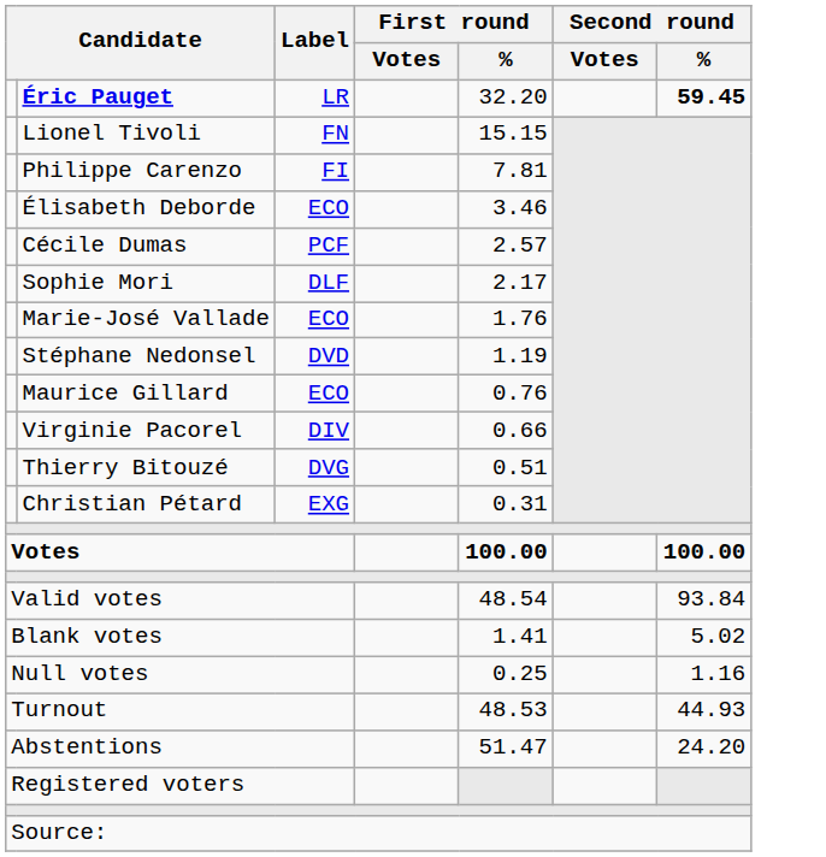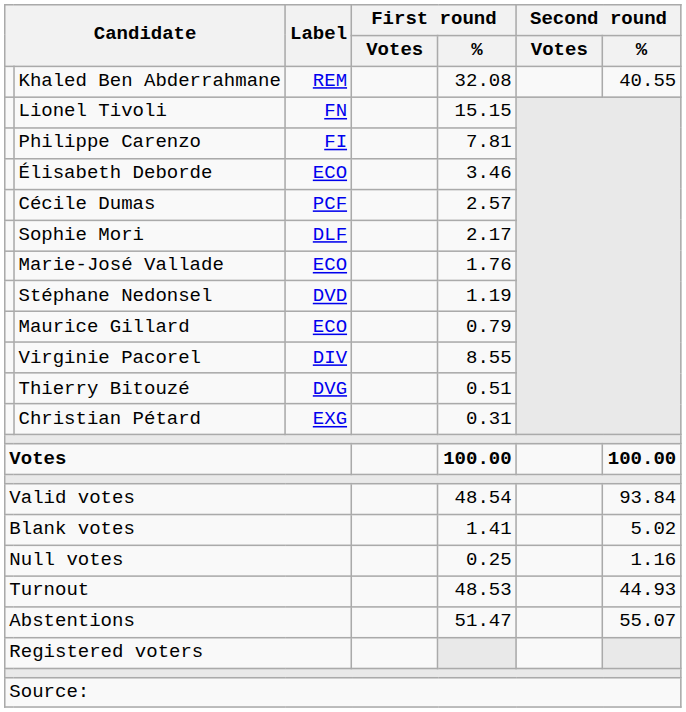 <table class="wikitable" style="text-align:right;font-size:95%;">
 <tr>
 <th colspan="2" rowspan="2">Candidate</th>
 <th rowspan="2">Label</th>
 <th colspan="2">First round</th>
 <th colspan="2">Second round</th>
 </tr>
 <tr>
 <th style="width:50px;">Votes</th>
 <th style="width:45px;">%</th>
 <th style="width:50px;">Votes</th>
 <th style="width:45px;">%</th>
 </tr>
 <tr>
 <td style="color:inherit;background:"></td>
-<td style="text-align:left;"><strong><a href='#'>Éric Pauget</a></strong></td>
-<td><a href='#'>LR</a></td>
+<td style="text-align:left;">Khaled Ben Abderrahmane</td>
+<td><a href='#'>REM</a></td>
 <td></td>
-<td>32.20</td>
-<td><strong></strong></td>
-<td><strong>59.45</strong></td>
+<td>32.08</td>
+<td></td>
+<td>40.55</td>
 </tr>
 <tr>
 <td style="color:inherit;background:"></td>
 <td style="text-align:left;">Lionel Tivoli</td>
 <td><a href='#'>FN</a></td>
 <td></td>
 <td>15.15</td>
 <td colspan="2" rowspan="11" style="background:#E9E9E9;"></td>
 </tr>
 <tr>
 <td style="color:inherit;background:"></td>
 <td style="text-align:left;">Philippe Carenzo</td>
 <td><a href='#'>FI</a></td>
 <td></td>
 <td>7.81</td>
 </tr>
 <tr>
 <td style="color:inherit;background:"></td>
 <td style="text-align:left;">Élisabeth Deborde</td>
 <td><a href='#'>ECO</a></td>
 <td></td>
 <td>3.46</td>
 </tr>
 <tr>
 <td style="color:inherit;background:"></td>
 <td style="text-align:left;">Cécile Dumas</td>
 <td><a href='#'>PCF</a></td>
 <td></td>
 <td>2.57</td>
 </tr>
 <tr>
 <td style="color:inherit;background:"></td>
 <td style="text-align:left;">Sophie Mori</td>
 <td><a href='#'>DLF</a></td>
 <td></td>
 <td>2.17</td>
 </tr>
 <tr>
 <td style="color:inherit;background:"></td>
 <td style="text-align:left;">Marie-José Vallade</td>
 <td><a href='#'>ECO</a></td>
 <td></td>
 <td>1.76</td>
 </tr>
 <tr>
 <td style="color:inherit;background:"></td>
 <td style="text-align:left;">Stéphane Nedonsel</td>
 <td><a href='#'>DVD</a></td>
 <td></td>
 <td>1.19</td>
 </tr>
 <tr>
 <td style="color:inherit;background:"></td>
 <td style="text-align:left;">Maurice Gillard</td>
 <td><a href='#'>ECO</a></td>
 <td></td>
-<td>0.76</td>
+<td>0.79</td>
 </tr>
 <tr>
 <td style="color:inherit;background:"></td>
 <td style="text-align:left;">Virginie Pacorel</td>
 <td><a href='#'>DIV</a></td>
 <td></td>
-<td>0.66</td>
+<td>8.55</td>
 </tr>
 <tr>
 <td style="color:inherit;background:"></td>
 <td style="text-align:left;">Thierry Bitouzé</td>
 <td><a href='#'>DVG</a></td>
 <td></td>
 <td>0.51</td>
 </tr>
 <tr>
 <td style="color:inherit;background:"></td>
 <td style="text-align:left;">Christian Pétard</td>
 <td><a href='#'>EXG</a></td>
 <td></td>
 <td>0.31</td>
 </tr>
 <tr>
 <td colspan="7" style="background:#E9E9E9;"></td>
 </tr>
 <tr style="font-weight:bold;">
 <td colspan="3" style="text-align:left;">Votes</td>
 <td></td>
 <td>100.00</td>
 <td></td>
 <td>100.00</td>
 </tr>
 <tr>
 <td colspan="7" style="background:#E9E9E9;"></td>
 </tr>
 <tr>
 <td colspan="3" style="text-align:left;">Valid votes</td>
 <td></td>
 <td>48.54</td>
 <td></td>
 <td>93.84</td>
 </tr>
 <tr>
 <td colspan="3" style="text-align:left;">Blank votes</td>
 <td></td>
 <td>1.41</td>
 <td></td>
 <td>5.02</td>
 </tr>
 <tr>
 <td colspan="3" style="text-align:left;">Null votes</td>
 <td></td>
 <td>0.25</td>
 <td></td>
 <td>1.16</td>
 </tr>
 <tr>
 <td colspan="3" style="text-align:left;">Turnout</td>
 <td></td>
 <td>48.53</td>
 <td></td>
 <td>44.93</td>
 </tr>
 <tr>
 <td colspan="3" style="text-align:left;">Abstentions</td>
 <td></td>
 <td>51.47</td>
 <td></td>
-<td>24.20</td>
+<td>55.07</td>
 </tr>
 <tr>
 <td colspan="3" style="text-align:left;">Registered voters</td>
 <td></td>
 <td style="background:#E9E9E9;"></td>
 <td></td>
 <td style="background:#E9E9E9;"></td>
 </tr>
 <tr>
 <td colspan="7" style="background:#E9E9E9;"></td>
 </tr>
 <tr>
 <td colspan="7" style="text-align:left;">Source: </td>
 </tr>
 </table>
